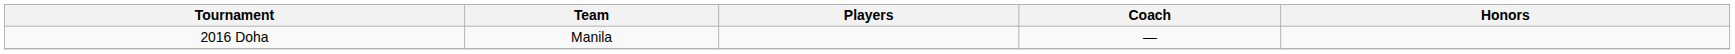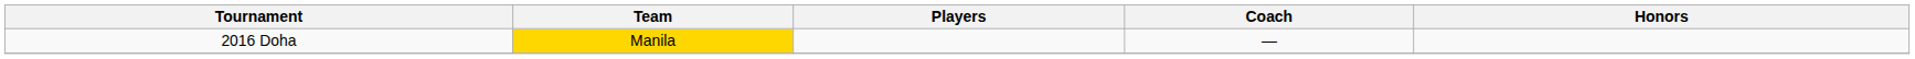 <table class="wikitable" width=100% style="text-align: center;">
 <tr>
 <th>Tournament</th>
 <th>Team</th>
 <th>Players</th>
 <th>Coach</th>
 <th width=26%>Honors</th>
 </tr>
 <tr>
 <td>2016 Doha</td>
-<td>Manila</td>
+<td style="background: gold;">Manila</td>
 <td></td>
 <td>—</td>
 <td></td>
 </tr>
 <tr>
 </tr>
 </table>
